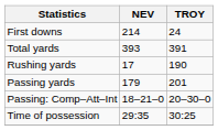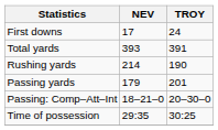 <table class="wikitable" style="float: left;">
 <tr>
 <th>Statistics</th>
 <th>NEV</th>
 <th>TROY</th>
 </tr>
 <tr>
 <td>First downs</td>
-<td>214</td>
+<td>17</td>
 <td>24</td>
 </tr>
 <tr>
 <td>Total yards</td>
 <td>393</td>
 <td>391</td>
 </tr>
 <tr>
 <td>Rushing yards</td>
-<td>17</td>
+<td>214</td>
 <td>190</td>
 </tr>
 <tr>
 <td>Passing yards</td>
 <td>179</td>
 <td>201</td>
 </tr>
 <tr>
 <td>Passing: Comp–Att–Int</td>
 <td>18–21–0</td>
 <td>20–30–0</td>
 </tr>
 <tr>
 <td>Time of possession</td>
 <td>29:35</td>
 <td>30:25</td>
 </tr>
 <tr>
 </tr>
 </table>
